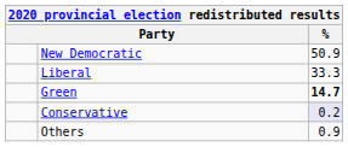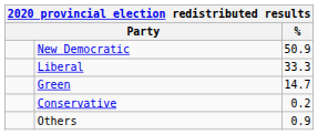 <table class="wikitable">
 <tr>
 <th colspan="4"><a href='#'>2020 provincial election</a> redistributed results</th>
 </tr>
 <tr>
 <th bgcolor="#DDDDFF" width="130px" colspan="2">Party</th>
 <th bgcolor="#DDDDFF" width="30px">%</th>
 </tr>
 <tr>
 <td> </td>
 <td><a href='#'>New Democratic</a></td>
 <td style="text-align: right;">50.9</td>
 </tr>
 <tr>
 <td> </td>
 <td><a href='#'>Liberal</a></td>
 <td style="text-align: right;">33.3</td>
 </tr>
 <tr>
 <td> </td>
 <td><a href='#'>Green</a></td>
-<td style="text-align: right;"><strong>14.7</strong></td>
+<td style="text-align: right;">14.7</td>
 </tr>
 <tr>
 <td> </td>
 <td><a href='#'>Conservative</a></td>
-<td style="background: lavender; text-align: right;">0.2</td>
+<td style="text-align: right;">0.2</td>
 </tr>
 <tr>
 <td> </td>
 <td>Others</td>
 <td style="text-align: right;">0.9</td>
 </tr>
 </table>
